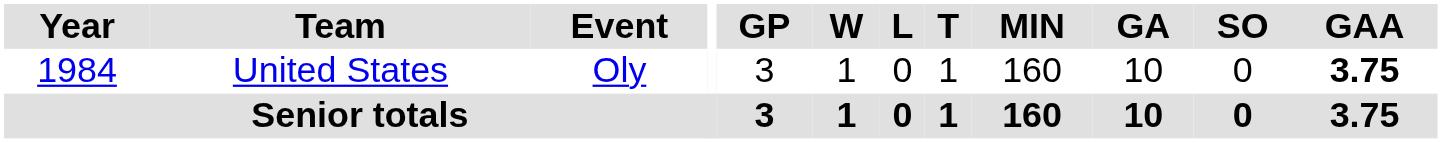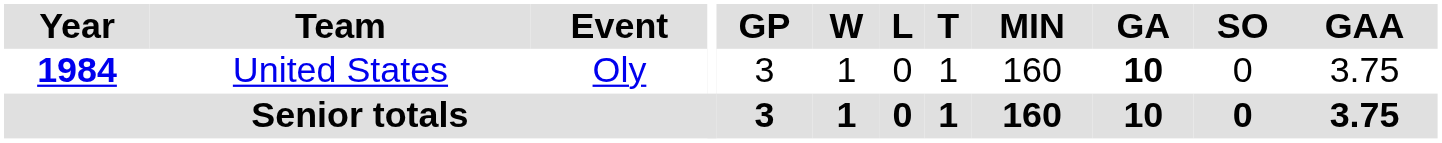 <table border="0" cellpadding="1" cellspacing="0" ID="Table3" style="text-align:center; width:40em">
 <tr ALIGN="center" bgcolor="#e0e0e0">
 <th>Year</th>
 <th>Team</th>
 <th>Event</th>
 <th rowspan="99" bgcolor="#ffffff"></th>
 <th>GP</th>
 <th>W</th>
 <th>L</th>
 <th>T</th>
 <th>MIN</th>
 <th>GA</th>
 <th>SO</th>
 <th>GAA</th>
 </tr>
 <tr>
-<td><a href='#'>1984</a></td>
+<td><strong><a href='#'>1984</a></strong></td>
 <td><a href='#'>United States</a></td>
 <td><a href='#'>Oly</a></td>
 <td>3</td>
 <td>1</td>
 <td>0</td>
 <td>1</td>
 <td>160</td>
-<td>10</td>
+<td><strong>10</strong></td>
 <td>0</td>
-<td><strong>3.75</strong></td>
+<td>3.75</td>
 </tr>
 <tr bgcolor="#e0e0e0">
 <th colspan=4>Senior totals</th>
 <th>3</th>
 <th>1</th>
 <th>0</th>
 <th>1</th>
 <th>160</th>
 <th>10</th>
 <th>0</th>
 <th>3.75</th>
 </tr>
 </table>
